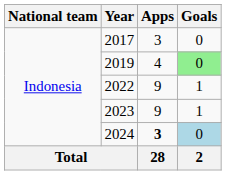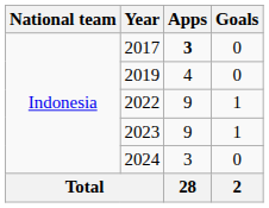 <table class="wikitable" style="text-align:center">
 <tr>
 <th>National team</th>
 <th>Year</th>
 <th>Apps</th>
 <th>Goals</th>
 </tr>
 <tr>
 <td rowspan=5><a href='#'>Indonesia</a></td>
 <td>2017</td>
-<td>3</td>
+<td><strong>3</strong></td>
 <td>0</td>
 </tr>
 <tr>
 <td>2019</td>
 <td>4</td>
-<td style="background: lightgreen;">0</td>
+<td>0</td>
 </tr>
 <tr>
 <td>2022</td>
 <td>9</td>
 <td>1</td>
 </tr>
 <tr>
 <td>2023</td>
 <td>9</td>
 <td>1</td>
 </tr>
 <tr>
 <td>2024</td>
-<td><strong>3</strong></td>
-<td style="background: lightblue;">0</td>
+<td>3</td>
+<td>0</td>
 </tr>
 <tr>
 <th colspan=2>Total</th>
 <th>28</th>
 <th>2</th>
 </tr>
 </table>
